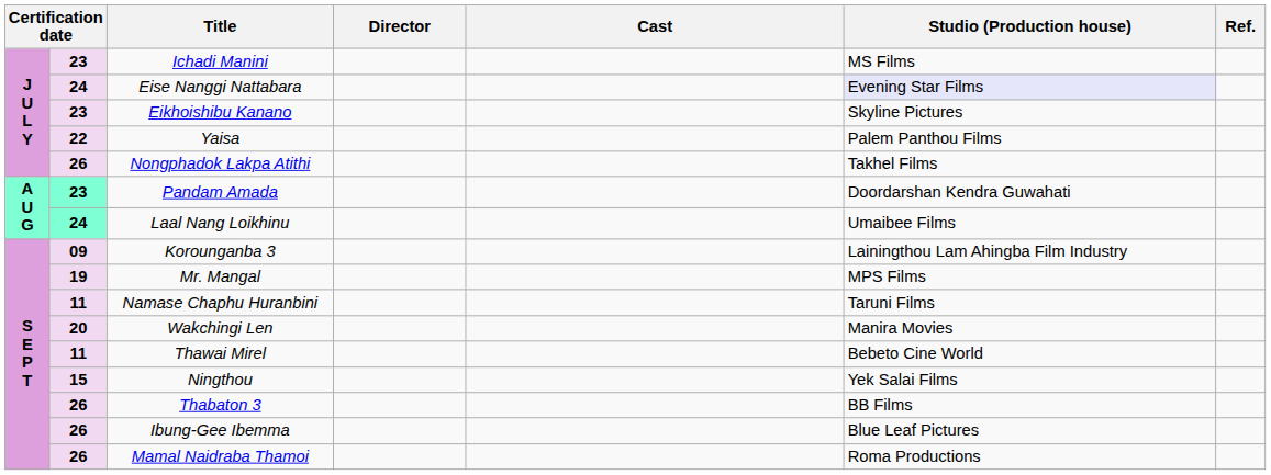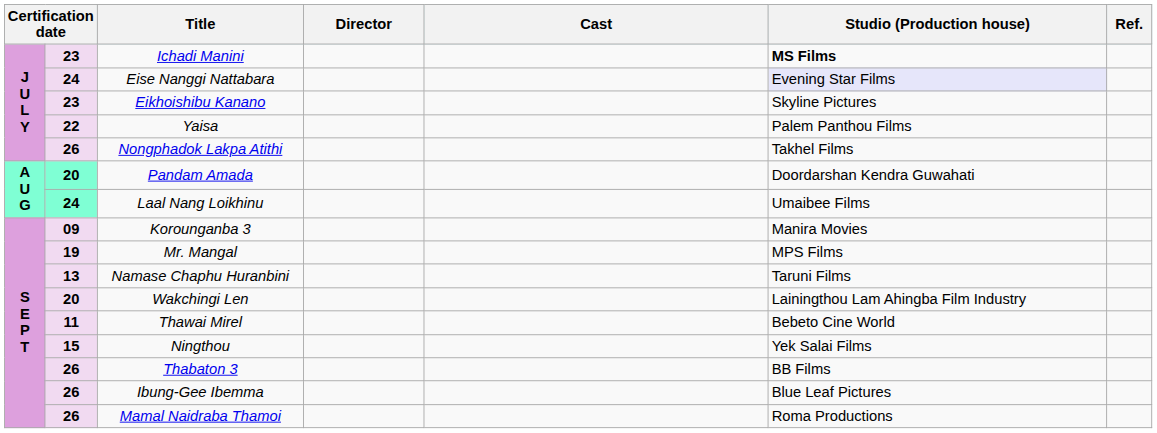 <table class="wikitable">
 <tr style="background:#b0e0e6; text-align:center;">
 <th colspan="2" style="width:6%;"><strong>Certification date</strong></th>
 <th style="width:18%;"><strong>Title</strong></th>
 <th style="width:10.5%;"><strong>Director</strong></th>
 <th style="width:30%;"><strong>Cast</strong></th>
 <th><strong>Studio (Production house)</strong></th>
 <th>Ref.</th>
 </tr>
 <tr July>
 <td rowspan="5" style="text-align:center; background:plum; textcolor:#000;"><strong>J<br>U<br>L<br>Y</strong></td>
 <td rowspan="1" style="text-align:center;background:#f1daf1;"><strong>23</strong></td>
 <td style="text-align:center;"><em><a href='#'>Ichadi Manini</a></em></td>
 <td></td>
 <td></td>
-<td>MS Films</td>
+<td><strong>MS Films</strong></td>
 <td></td>
 </tr>
 <tr>
 <td rowspan="1" style="text-align:center;background:#f1daf1;"><strong>24</strong></td>
 <td style="text-align:center;"><em>Eise Nanggi Nattabara</em></td>
 <td></td>
 <td></td>
 <td style="background: lavender;">Evening Star Films</td>
 <td></td>
 </tr>
 <tr>
 <td rowspan="1" style="text-align:center;background:#f1daf1;"><strong>23</strong></td>
 <td style="text-align:center;"><em><a href='#'>Eikhoishibu Kanano</a></em></td>
 <td></td>
 <td></td>
 <td>Skyline Pictures</td>
 <td></td>
 </tr>
 <tr>
 <td rowspan="1" style="text-align:center;background:#f1daf1;"><strong>22</strong></td>
 <td style="text-align:center;"><em>Yaisa</em></td>
 <td></td>
 <td></td>
 <td>Palem Panthou Films</td>
 <td></td>
 </tr>
 <tr>
 <td rowspan="1" style="text-align:center;background:#f1daf1;"><strong>26</strong></td>
 <td style="text-align:center;"><em><a href='#'>Nongphadok Lakpa Atithi</a></em></td>
 <td></td>
 <td></td>
 <td>Takhel Films</td>
 <td><br></td>
 </tr>
 <tr August>
 <td rowspan="2" style="text-align:center; background:#7FFFD4; textcolor:#000;"><strong>A<br>U<br>G</strong></td>
-<td rowspan="1" style="text-align:center;background:#7FFFD4;"><strong>23</strong></td>
+<td rowspan="1" style="text-align:center;background:#7FFFD4;"><strong>20</strong></td>
 <td style="text-align:center;"><em><a href='#'>Pandam Amada</a></em></td>
 <td></td>
 <td></td>
 <td>Doordarshan Kendra Guwahati</td>
 <td></td>
 </tr>
 <tr>
 <td rowspan="1" style="text-align:center;background:#7FFFD4;"><strong>24</strong></td>
 <td style="text-align:center;"><em>Laal Nang Loikhinu</em></td>
 <td></td>
 <td></td>
 <td>Umaibee Films</td>
 <td></td>
 </tr>
 <tr September>
 <td rowspan="9" style="text-align:center; background:plum; textcolor:#000;"><strong>S<br>E<br>P<br>T</strong></td>
 <td rowspan="1" style="text-align:center;background:#f1daf1;"><strong>09</strong></td>
 <td style="text-align:center;"><em>Korounganba 3</em></td>
 <td></td>
 <td></td>
-<td>Lainingthou Lam Ahingba Film Industry</td>
+<td>Manira Movies</td>
 <td></td>
 </tr>
 <tr>
 <td rowspan="1" style="text-align:center;background:#f1daf1;"><strong>19</strong></td>
 <td style="text-align:center;"><em>Mr. Mangal</em></td>
 <td></td>
 <td></td>
 <td>MPS Films</td>
 <td></td>
 </tr>
 <tr>
-<td rowspan="1" style="text-align:center;background:#f1daf1;"><strong>11</strong></td>
+<td rowspan="1" style="text-align:center;background:#f1daf1;"><strong>13</strong></td>
 <td style="text-align:center;"><em>Namase Chaphu Huranbini</em></td>
 <td></td>
 <td></td>
 <td>Taruni Films</td>
 <td></td>
 </tr>
 <tr>
 <td rowspan="1" style="text-align:center;background:#f1daf1;"><strong>20</strong></td>
 <td style="text-align:center;"><em>Wakchingi Len</em></td>
 <td></td>
 <td></td>
-<td>Manira Movies</td>
+<td>Lainingthou Lam Ahingba Film Industry</td>
 <td></td>
 </tr>
 <tr>
 <td rowspan="1" style="text-align:center;background:#f1daf1;"><strong>11</strong></td>
 <td style="text-align:center;"><em>Thawai Mirel</em></td>
 <td></td>
 <td></td>
 <td>Bebeto Cine World</td>
 <td></td>
 </tr>
 <tr>
 <td rowspan="1" style="text-align:center;background:#f1daf1;"><strong>15</strong></td>
 <td style="text-align:center;"><em>Ningthou</em></td>
 <td></td>
 <td></td>
 <td>Yek Salai Films</td>
 <td></td>
 </tr>
 <tr>
 <td rowspan="1" style="text-align:center;background:#f1daf1;"><strong>26</strong></td>
 <td style="text-align:center;"><em><a href='#'>Thabaton 3</a></em></td>
 <td></td>
 <td></td>
 <td>BB Films</td>
 <td></td>
 </tr>
 <tr>
 <td rowspan="1" style="text-align:center;background:#f1daf1;"><strong>26</strong></td>
 <td style="text-align:center;"><em>Ibung-Gee Ibemma</em></td>
 <td></td>
 <td></td>
 <td>Blue Leaf Pictures</td>
 <td></td>
 </tr>
 <tr>
 <td rowspan="1" style="text-align:center;background:#f1daf1;"><strong>26</strong></td>
 <td style="text-align:center;"><em><a href='#'>Mamal Naidraba Thamoi</a></em></td>
 <td></td>
 <td></td>
 <td>Roma Productions</td>
 <td></td>
 </tr>
 </table>
